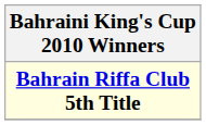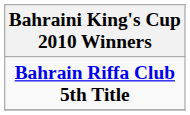 <table class="wikitable" style="text-align: center; margin: 0 auto;">
 <tr>
 <th>Bahraini King's Cup <br>2010 Winners</th>
 </tr>
 <tr>
-<td style="background: lightyellow;"><strong><a href='#'>Bahrain Riffa Club</a></strong><br><strong>5th Title</strong></td>
+<td><strong><a href='#'>Bahrain Riffa Club</a></strong><br><strong>5th Title</strong></td>
 </tr>
 <tr>
 </tr>
 </table>
